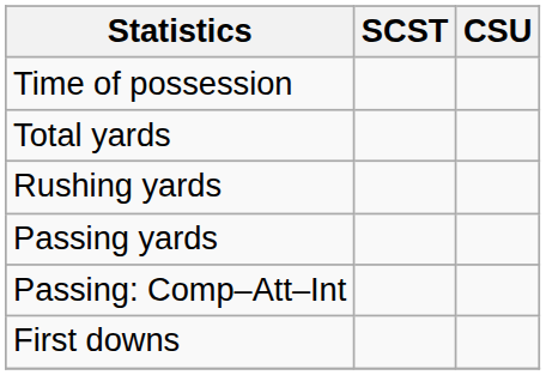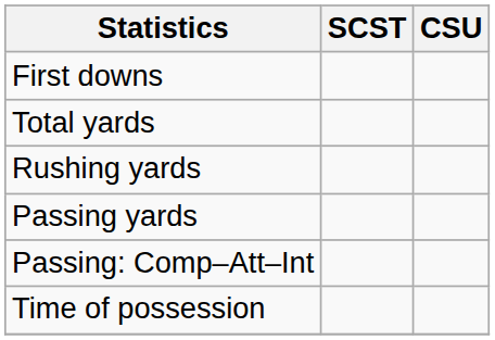 <table class="wikitable" style="float: left;">
 <tr>
 <th>Statistics</th>
 <th>SCST</th>
 <th>CSU</th>
 </tr>
 <tr>
-<td>Time of possession</td>
+<td>First downs</td>
 <td></td>
 <td></td>
 </tr>
 <tr>
 <td>Total yards</td>
 <td></td>
 <td></td>
 </tr>
 <tr>
 <td>Rushing yards</td>
 <td></td>
 <td></td>
 </tr>
 <tr>
 <td>Passing yards</td>
 <td></td>
 <td></td>
 </tr>
 <tr>
 <td>Passing: Comp–Att–Int</td>
 <td></td>
 <td></td>
 </tr>
 <tr>
-<td>First downs</td>
+<td>Time of possession</td>
 <td></td>
 <td></td>
 </tr>
 <tr>
 </tr>
 </table>
